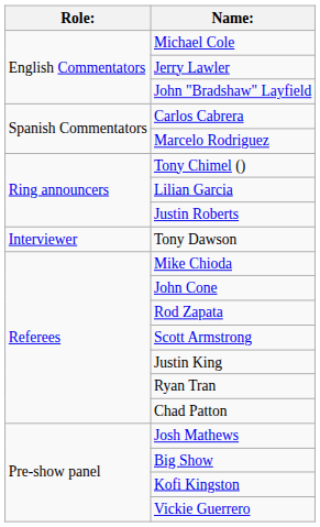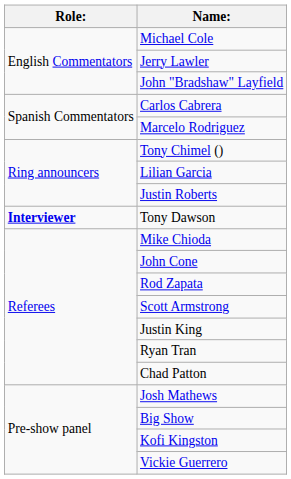 <table class=wikitable style="font-size:90%; margin: 0.5em 0 0.5em 1em; float: right; clear: right;">
 <tr>
 <th>Role:</th>
 <th>Name:</th>
 </tr>
 <tr>
 <td rowspan=3>English <a href='#'>Commentators</a></td>
 <td><a href='#'>Michael Cole</a></td>
 </tr>
 <tr>
 <td><a href='#'>Jerry Lawler</a></td>
 </tr>
 <tr>
 <td><a href='#'>John "Bradshaw" Layfield</a></td>
 </tr>
 <tr>
 <td rowspan=2>Spanish Commentators</td>
 <td><a href='#'>Carlos Cabrera</a></td>
 </tr>
 <tr>
 <td><a href='#'>Marcelo Rodriguez</a></td>
 </tr>
 <tr>
 <td rowspan=3><a href='#'>Ring announcers</a></td>
 <td><a href='#'>Tony Chimel</a> ()</td>
 </tr>
 <tr>
 <td><a href='#'>Lilian Garcia</a></td>
 </tr>
 <tr>
 <td><a href='#'>Justin Roberts</a></td>
 </tr>
 <tr>
-<td><a href='#'>Interviewer</a></td>
+<td><strong><a href='#'>Interviewer</a></strong></td>
 <td>Tony Dawson</td>
 </tr>
 <tr>
 <td rowspan=7><a href='#'>Referees</a></td>
 <td><a href='#'>Mike Chioda</a></td>
 </tr>
 <tr>
 <td><a href='#'>John Cone</a></td>
 </tr>
 <tr>
 <td><a href='#'>Rod Zapata</a></td>
 </tr>
 <tr>
 <td><a href='#'>Scott Armstrong</a></td>
 </tr>
 <tr>
 <td>Justin King</td>
 </tr>
 <tr>
 <td>Ryan Tran</td>
 </tr>
 <tr>
 <td>Chad Patton</td>
 </tr>
 <tr>
 <td rowspan=4>Pre-show panel</td>
 <td><a href='#'>Josh Mathews</a></td>
 </tr>
 <tr>
 <td><a href='#'>Big Show</a></td>
 </tr>
 <tr>
 <td><a href='#'>Kofi Kingston</a></td>
 </tr>
 <tr>
 <td><a href='#'>Vickie Guerrero</a></td>
 </tr>
 </table>
